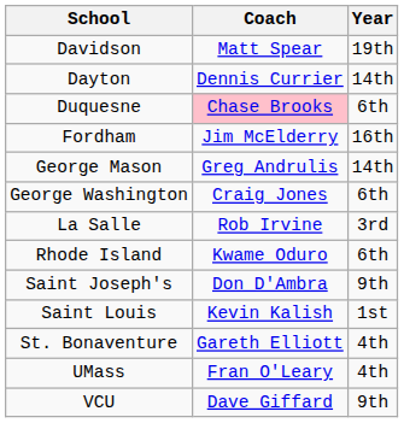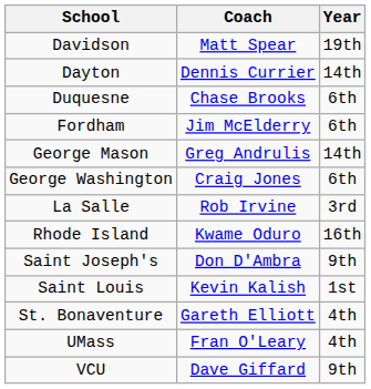 <table class="wikitable" style="font-size:90%; text-align:center">
 <tr>
 <th>School</th>
 <th>Coach</th>
 <th>Year</th>
 </tr>
 <tr>
 <td>Davidson</td>
 <td><a href='#'>Matt Spear</a></td>
 <td>19th</td>
 </tr>
 <tr>
 <td>Dayton</td>
 <td><a href='#'>Dennis Currier</a></td>
 <td>14th</td>
 </tr>
 <tr>
 <td>Duquesne</td>
-<td style="background: pink;"><a href='#'>Chase Brooks</a></td>
+<td><a href='#'>Chase Brooks</a></td>
 <td>6th</td>
 </tr>
 <tr>
 <td>Fordham</td>
 <td><a href='#'>Jim McElderry</a></td>
-<td>16th</td>
+<td>6th</td>
 </tr>
 <tr>
 <td>George Mason</td>
 <td><a href='#'>Greg Andrulis</a></td>
 <td>14th</td>
 </tr>
 <tr>
 <td>George Washington</td>
 <td><a href='#'>Craig Jones</a></td>
 <td>6th</td>
 </tr>
 <tr>
 <td>La Salle</td>
 <td><a href='#'>Rob Irvine</a></td>
 <td>3rd</td>
 </tr>
 <tr>
 <td>Rhode Island</td>
 <td><a href='#'>Kwame Oduro</a></td>
-<td>6th</td>
+<td>16th</td>
 </tr>
 <tr>
 <td>Saint Joseph's</td>
 <td><a href='#'>Don D'Ambra</a></td>
 <td>9th</td>
 </tr>
 <tr>
 <td>Saint Louis</td>
 <td><a href='#'>Kevin Kalish</a></td>
 <td>1st</td>
 </tr>
 <tr>
 <td>St. Bonaventure</td>
 <td><a href='#'>Gareth Elliott</a></td>
 <td>4th</td>
 </tr>
 <tr>
 <td>UMass</td>
 <td><a href='#'>Fran O'Leary</a></td>
 <td>4th</td>
 </tr>
 <tr>
 <td>VCU</td>
 <td><a href='#'>Dave Giffard</a></td>
 <td>9th</td>
 </tr>
 </table>
